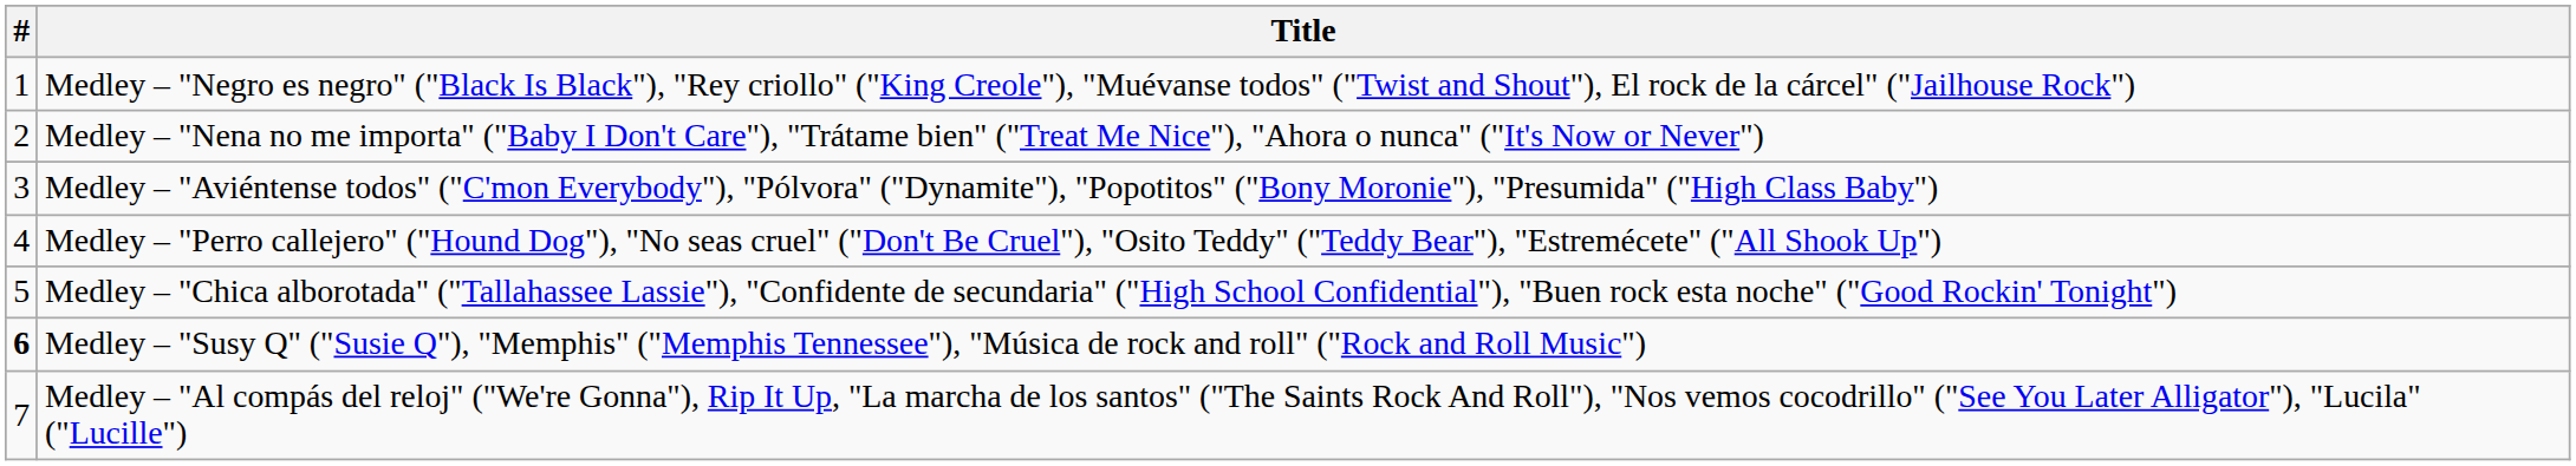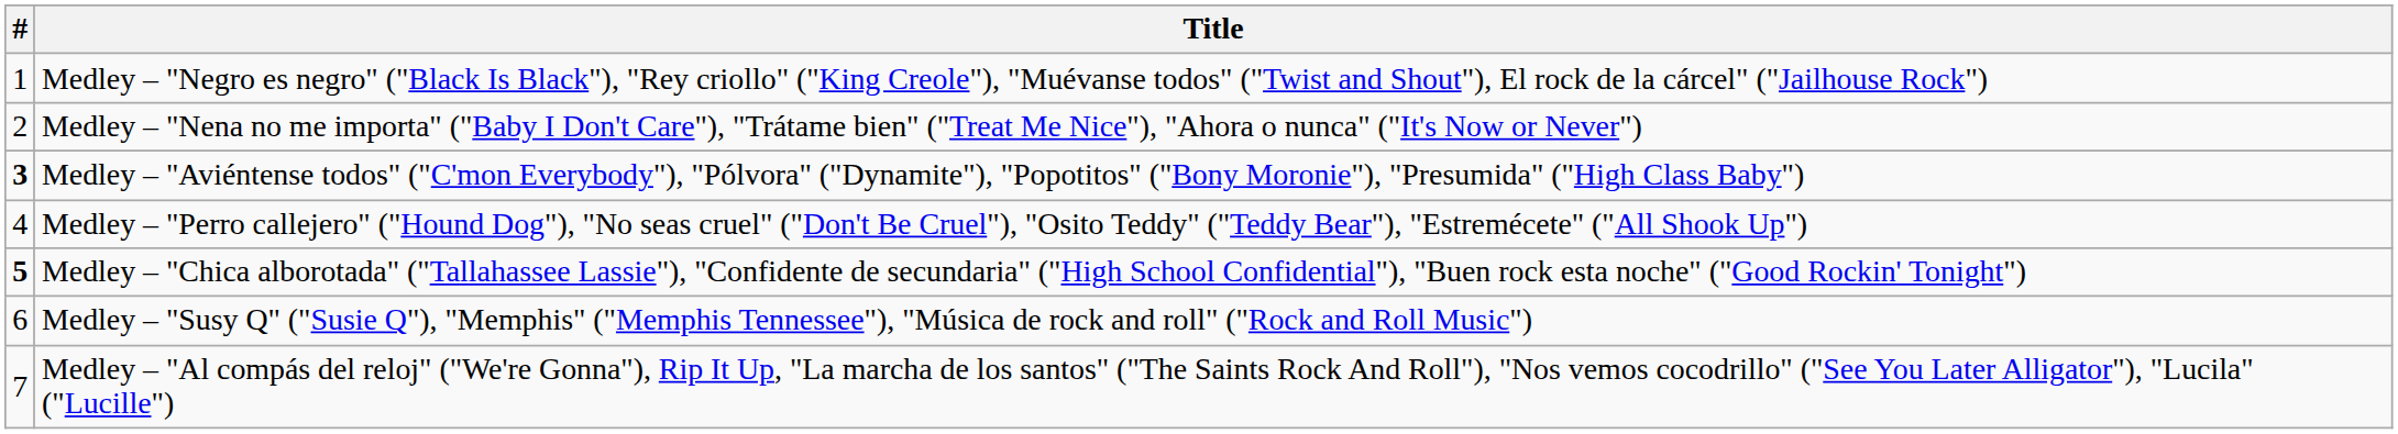 <table class="wikitable">
 <tr>
 <th>#</th>
 <th>Title</th>
 </tr>
 <tr>
 <td>1</td>
 <td>Medley – "Negro es negro" ("<a href='#'>Black Is Black</a>"), "Rey criollo" ("<a href='#'>King Creole</a>"), "Muévanse todos" ("<a href='#'>Twist and Shout</a>"), El rock de la cárcel" ("<a href='#'>Jailhouse Rock</a>")</td>
 </tr>
 <tr>
 <td>2</td>
 <td>Medley – "Nena no me importa" ("<a href='#'>Baby I Don't Care</a>"), "Trátame bien" ("<a href='#'>Treat Me Nice</a>"), "Ahora o nunca" ("<a href='#'>It's Now or Never</a>")</td>
 </tr>
 <tr>
-<td>3</td>
+<td><strong>3</strong></td>
 <td>Medley – "Aviéntense todos" ("<a href='#'>C'mon Everybody</a>"), "Pólvora" ("Dynamite"), "Popotitos" ("<a href='#'>Bony Moronie</a>"), "Presumida" ("<a href='#'>High Class Baby</a>")</td>
 </tr>
 <tr>
 <td>4</td>
 <td>Medley – "Perro callejero" ("<a href='#'>Hound Dog</a>"), "No seas cruel" ("<a href='#'>Don't Be Cruel</a>"), "Osito Teddy" ("<a href='#'>Teddy Bear</a>"), "Estremécete" ("<a href='#'>All Shook Up</a>")</td>
 </tr>
 <tr>
-<td>5</td>
+<td><strong>5</strong></td>
 <td>Medley – "Chica alborotada" ("<a href='#'>Tallahassee Lassie</a>"), "Confidente de secundaria" ("<a href='#'>High School Confidential</a>"), "Buen rock esta noche" ("<a href='#'>Good Rockin' Tonight</a>")</td>
 </tr>
 <tr>
-<td><strong>6</strong></td>
+<td>6</td>
 <td>Medley – "Susy Q" ("<a href='#'>Susie Q</a>"), "Memphis" ("<a href='#'>Memphis Tennessee</a>"), "Música de rock and roll" ("<a href='#'>Rock and Roll Music</a>")</td>
 </tr>
 <tr>
 <td>7</td>
 <td>Medley – "Al compás del reloj" ("We're Gonna"), <a href='#'>Rip It Up</a>, "La marcha de los santos" ("The Saints Rock And Roll"), "Nos vemos cocodrillo" ("<a href='#'>See You Later Alligator</a>"), "Lucila" ("<a href='#'>Lucille</a>")</td>
 </tr>
 </table>
